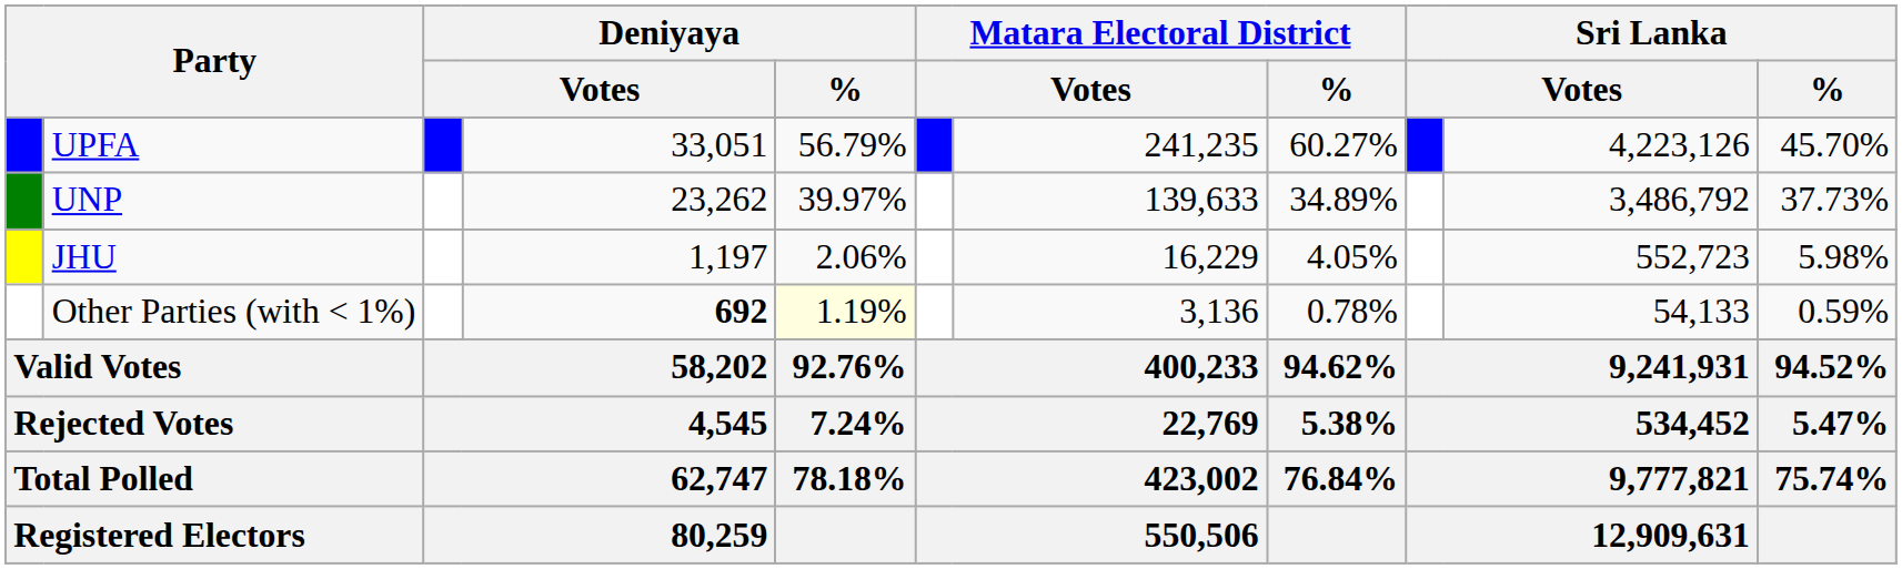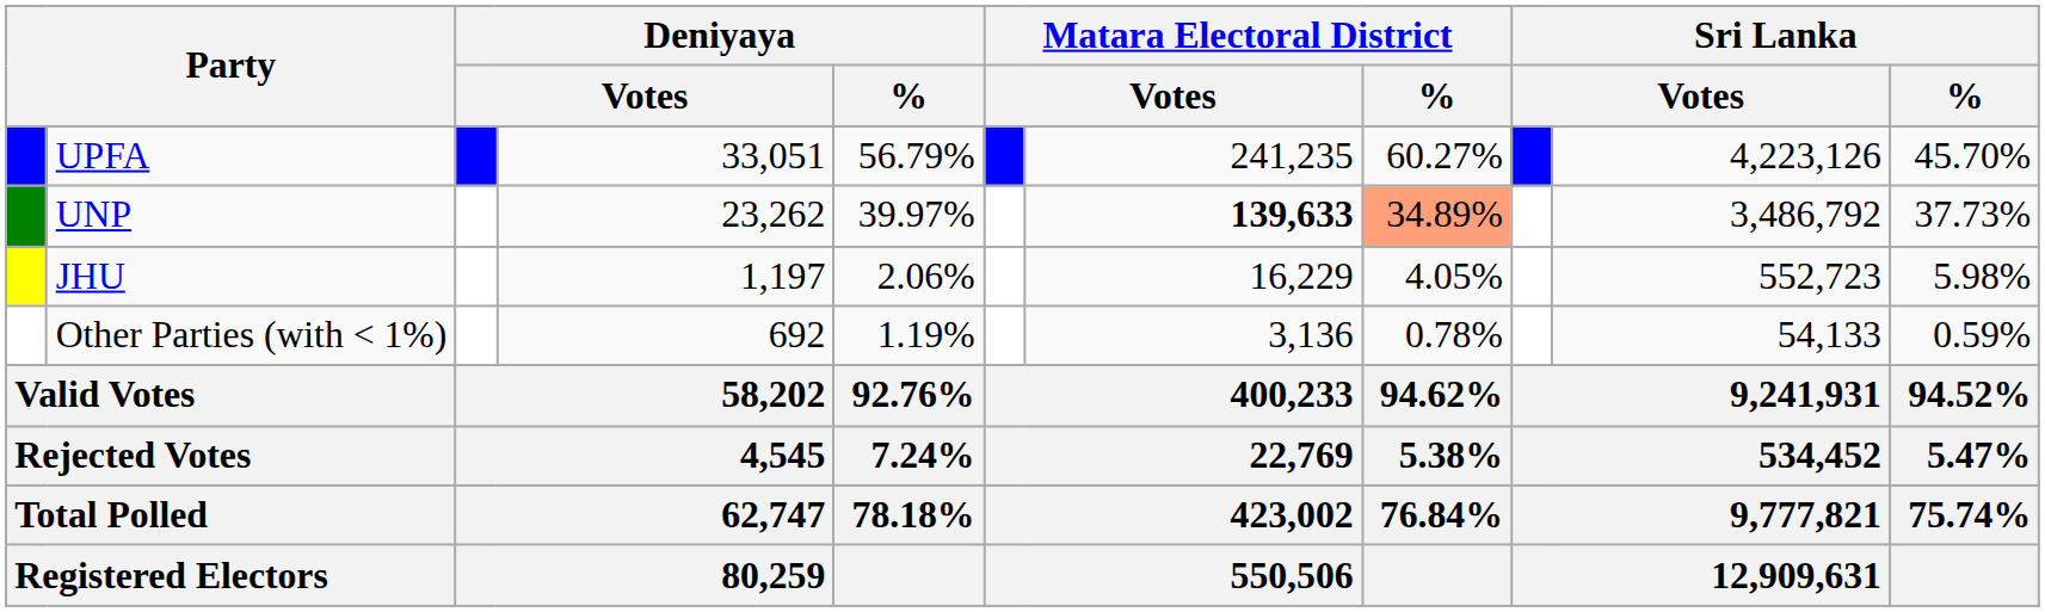 <table class="wikitable">
 <tr>
 <th colspan="2" width="144px"rowspan="2">Party</th>
 <th colspan="3" width="216px">Deniyaya</th>
 <th colspan="3" width="216px"><a href='#'>Matara Electoral District</a></th>
 <th colspan="3" width="216px">Sri Lanka</th>
 </tr>
 <tr>
 <th colspan="2" width="144px">Votes</th>
 <th>%</th>
 <th colspan="2" width="144px">Votes</th>
 <th>%</th>
 <th colspan="2" width="144px">Votes</th>
 <th>%</th>
 </tr>
 <tr>
 <td style="background-color:blue;" width="10px"></td>
 <td style="text-align:left;"><a href='#'>UPFA</a></td>
 <td style="background-color:blue;" width="10px"></td>
 <td style="text-align:right;">33,051</td>
 <td style="text-align:right;">56.79%</td>
 <td style="background-color:blue;" width="10px"></td>
 <td style="text-align:right;">241,235</td>
 <td style="text-align:right;">60.27%</td>
 <td style="background-color:blue;" width="10px"></td>
 <td style="text-align:right;">4,223,126</td>
 <td style="text-align:right;">45.70%</td>
 </tr>
 <tr>
 <td style="background-color:green;" width="10px"></td>
 <td style="text-align:left;"><a href='#'>UNP</a></td>
 <td style="background-color:white;" width="10px"></td>
 <td style="text-align:right;">23,262</td>
 <td style="text-align:right;">39.97%</td>
 <td style="background-color:white;" width="10px"></td>
-<td style="text-align:right;">139,633</td>
-<td style="text-align:right;">34.89%</td>
+<td style="text-align:right;"><strong>139,633</strong></td>
+<td style="background: lightsalmon; text-align:right;">34.89%</td>
 <td style="background-color:white;" width="10px"></td>
 <td style="text-align:right;">3,486,792</td>
 <td style="text-align:right;">37.73%</td>
 </tr>
 <tr>
 <td style="background-color:yellow;" width="10px"></td>
 <td style="text-align:left;"><a href='#'>JHU</a></td>
 <td style="background-color:white;" width="10px"></td>
 <td style="text-align:right;">1,197</td>
 <td style="text-align:right;">2.06%</td>
 <td style="background-color:white;" width="10px"></td>
 <td style="text-align:right;">16,229</td>
 <td style="text-align:right;">4.05%</td>
 <td style="background-color:white;" width="10px"></td>
 <td style="text-align:right;">552,723</td>
 <td style="text-align:right;">5.98%</td>
 </tr>
 <tr>
 <td style="background-color:white;" width="10px"></td>
 <td style="text-align:left;">Other Parties (with < 1%)</td>
 <td style="background-color:white;" width="10px"></td>
-<td style="text-align:right;"><strong>692</strong></td>
-<td style="background: lightyellow; text-align:right;">1.19%</td>
+<td style="text-align:right;">692</td>
+<td style="text-align:right;">1.19%</td>
 <td style="background-color:white;" width="10px"></td>
 <td style="text-align:right;">3,136</td>
 <td style="text-align:right;">0.78%</td>
 <td style="background-color:white;" width="10px"></td>
 <td style="text-align:right;">54,133</td>
 <td style="text-align:right;">0.59%</td>
 </tr>
 <tr>
 <th colspan="2" width="144px"style="text-align:left;">Valid Votes</th>
 <th style="text-align:right;"colspan="2" width="144px">58,202</th>
 <th style="text-align:right;">92.76%</th>
 <th style="text-align:right;"colspan="2" width="144px">400,233</th>
 <th style="text-align:right;">94.62%</th>
 <th style="text-align:right;"colspan="2" width="144px">9,241,931</th>
 <th style="text-align:right;">94.52%</th>
 </tr>
 <tr>
 <th colspan="2" width="144px"style="text-align:left;">Rejected Votes</th>
 <th style="text-align:right;"colspan="2" width="144px">4,545</th>
 <th style="text-align:right;">7.24%</th>
 <th style="text-align:right;"colspan="2" width="144px">22,769</th>
 <th style="text-align:right;">5.38%</th>
 <th style="text-align:right;"colspan="2" width="144px">534,452</th>
 <th style="text-align:right;">5.47%</th>
 </tr>
 <tr>
 <th colspan="2" width="144px"style="text-align:left;">Total Polled</th>
 <th style="text-align:right;"colspan="2" width="144px">62,747</th>
 <th style="text-align:right;">78.18%</th>
 <th style="text-align:right;"colspan="2" width="144px">423,002</th>
 <th style="text-align:right;">76.84%</th>
 <th style="text-align:right;"colspan="2" width="144px">9,777,821</th>
 <th style="text-align:right;">75.74%</th>
 </tr>
 <tr>
 <th colspan="2" width="144px"style="text-align:left;">Registered Electors</th>
 <th style="text-align:right;"colspan="2" width="144px">80,259</th>
 <th></th>
 <th style="text-align:right;"colspan="2" width="144px">550,506</th>
 <th></th>
 <th style="text-align:right;"colspan="2" width="144px">12,909,631</th>
 <th></th>
 </tr>
 </table>
